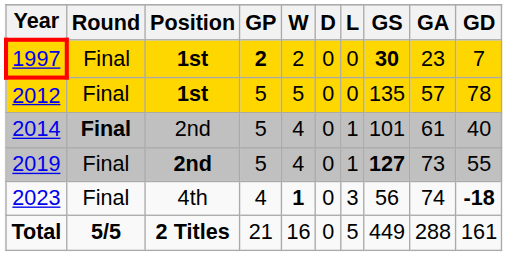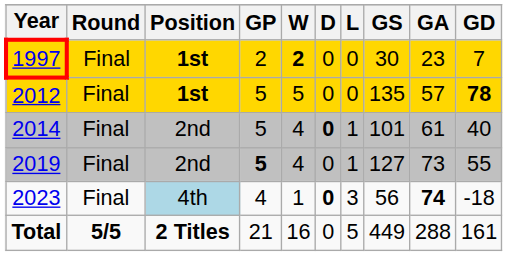 <table class="wikitable" style="text-align: center;">
 <tr>
 </tr>
 <tr>
 <th>Year</th>
 <th>Round</th>
 <th>Position</th>
 <th>GP</th>
 <th>W</th>
 <th>D</th>
 <th>L</th>
 <th>GS</th>
 <th>GA</th>
 <th>GD</th>
 </tr>
 <tr bgcolor=gold>
 <td style="border: 3px solid red"><a href='#'>1997</a></td>
 <td>Final</td>
 <td><strong>1st</strong></td>
+<td>2</td>
 <td><strong>2</strong></td>
-<td>2</td>
 <td>0</td>
 <td>0</td>
-<td><strong>30</strong></td>
+<td>30</td>
 <td>23</td>
 <td>7</td>
 </tr>
 <tr bgcolor=gold>
 <td><a href='#'>2012</a></td>
 <td>Final</td>
 <td><strong>1st</strong></td>
 <td>5</td>
 <td>5</td>
 <td>0</td>
 <td>0</td>
 <td>135</td>
 <td>57</td>
-<td>78</td>
+<td><strong>78</strong></td>
 </tr>
 <tr bgcolor=silver>
 <td><a href='#'>2014</a></td>
-<td><strong>Final</strong></td>
+<td>Final</td>
 <td>2nd</td>
 <td>5</td>
 <td>4</td>
-<td>0</td>
+<td><strong>0</strong></td>
 <td>1</td>
 <td>101</td>
 <td>61</td>
 <td>40</td>
 </tr>
 <tr bgcolor=silver>
 <td><a href='#'>2019</a></td>
 <td>Final</td>
-<td><strong>2nd</strong></td>
-<td>5</td>
+<td>2nd</td>
+<td><strong>5</strong></td>
 <td>4</td>
 <td>0</td>
 <td>1</td>
-<td><strong>127</strong></td>
+<td>127</td>
 <td>73</td>
 <td>55</td>
 </tr>
 <tr>
 <td><a href='#'>2023</a></td>
 <td>Final</td>
-<td>4th</td>
+<td style="background: lightblue;">4th</td>
 <td>4</td>
-<td><strong>1</strong></td>
-<td>0</td>
+<td>1</td>
+<td><strong>0</strong></td>
 <td>3</td>
 <td>56</td>
-<td>74</td>
-<td><strong>-18</strong></td>
+<td><strong>74</strong></td>
+<td>-18</td>
 </tr>
 <tr>
 <td><strong>Total</strong></td>
 <td><strong>5/5</strong></td>
 <td><strong>2 Titles</strong></td>
 <td>21</td>
 <td>16</td>
 <td>0</td>
 <td>5</td>
 <td>449</td>
 <td>288</td>
 <td>161</td>
 </tr>
 </table>
